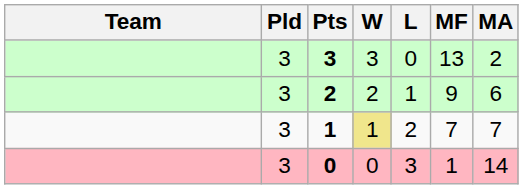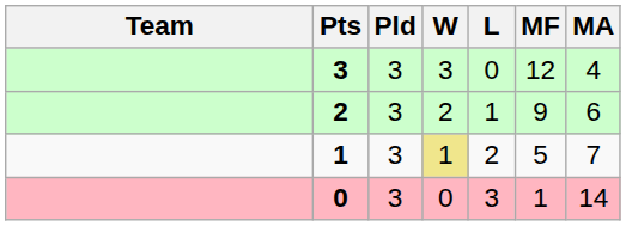 <table class=wikitable style="text-align:center">
 <tr>
 <th width=175>Team</th>
+<th width=20>Pts</th>
 <th width=20>Pld</th>
-<th width=20>Pts</th>
 <th width=20>W</th>
 <th width=20>L</th>
 <th width=20>MF</th>
 <th width=20>MA</th>
 </tr>
 <tr bgcolor=ccffcc>
 <td style="text-align:left"></td>
-<td>3</td>
 <td><strong>3</strong></td>
 <td>3</td>
+<td>3</td>
 <td>0</td>
-<td>13</td>
-<td>2</td>
+<td>12</td>
+<td>4</td>
 </tr>
 <tr bgcolor=ccffcc>
 <td style="text-align:left"></td>
+<td><strong>2</strong></td>
 <td>3</td>
-<td><strong>2</strong></td>
 <td>2</td>
 <td>1</td>
 <td>9</td>
 <td>6</td>
 </tr>
 <tr>
 <td style="text-align:left"></td>
+<td><strong>1</strong></td>
 <td>3</td>
-<td><strong>1</strong></td>
 <td style="background: khaki;">1</td>
 <td>2</td>
-<td>7</td>
+<td>5</td>
 <td>7</td>
 </tr>
 <tr bgcolor=ffb6c1>
 <td style="text-align:left"></td>
+<td><strong>0</strong></td>
 <td>3</td>
-<td><strong>0</strong></td>
 <td>0</td>
 <td>3</td>
 <td>1</td>
 <td>14</td>
 </tr>
 </table>
